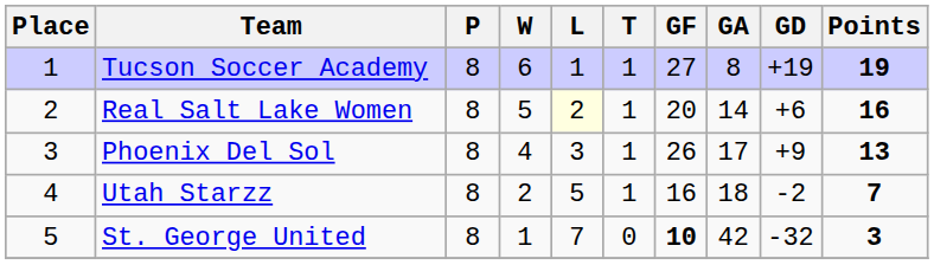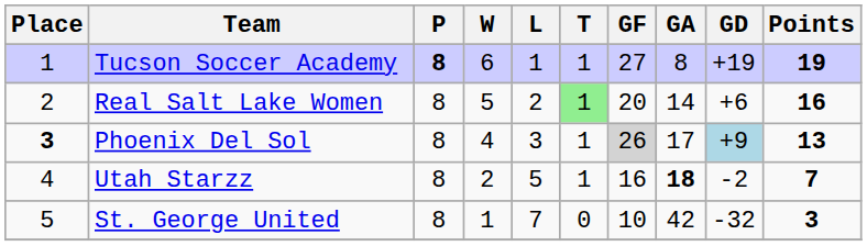 <table class="wikitable" style="text-align:center;">
 <tr>
 <th>Place</th>
 <th width="170">Team</th>
 <th width="20">P</th>
 <th width="20">W</th>
 <th width="20">L</th>
 <th width="20">T</th>
 <th width="20">GF</th>
 <th width="20">GA</th>
 <th width="25">GD</th>
 <th>Points</th>
 </tr>
 <tr bgcolor=#ccccff>
 <td>1</td>
 <td style="text-align:left;"><a href='#'>Tucson Soccer Academy</a></td>
-<td>8</td>
+<td><strong>8</strong></td>
 <td>6</td>
 <td>1</td>
 <td>1</td>
 <td>27</td>
 <td>8</td>
 <td>+19</td>
 <td><strong>19</strong></td>
 </tr>
 <tr>
 <td>2</td>
 <td style="text-align:left;"><a href='#'>Real Salt Lake Women</a></td>
 <td>8</td>
 <td>5</td>
-<td style="background: lightyellow;">2</td>
-<td>1</td>
+<td>2</td>
+<td style="background: lightgreen;">1</td>
 <td>20</td>
 <td>14</td>
 <td>+6</td>
 <td><strong>16</strong></td>
 </tr>
 <tr>
-<td>3</td>
+<td><strong>3</strong></td>
 <td style="text-align:left;"><a href='#'>Phoenix Del Sol</a></td>
 <td>8</td>
 <td>4</td>
 <td>3</td>
 <td>1</td>
-<td>26</td>
+<td style="background: lightgrey;">26</td>
 <td>17</td>
-<td>+9</td>
+<td style="background: lightblue;">+9</td>
 <td><strong>13</strong></td>
 </tr>
 <tr>
 <td>4</td>
 <td style="text-align:left;"><a href='#'>Utah Starzz</a></td>
 <td>8</td>
 <td>2</td>
 <td>5</td>
 <td>1</td>
 <td>16</td>
-<td>18</td>
+<td><strong>18</strong></td>
 <td>-2</td>
 <td><strong>7</strong></td>
 </tr>
 <tr>
 <td>5</td>
 <td style="text-align:left;"><a href='#'>St. George United</a></td>
 <td>8</td>
 <td>1</td>
 <td>7</td>
 <td>0</td>
-<td><strong>10</strong></td>
+<td>10</td>
 <td>42</td>
 <td>-32</td>
 <td><strong>3</strong></td>
 </tr>
 <tr>
 </tr>
 </table>
